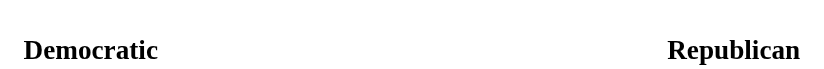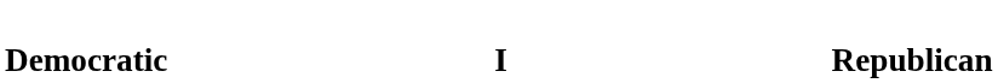 <table style="width:60%; text-align:center">
 <tr style="color:white">
 <td style="background:"><strong>202</strong></td>
+<td style="background:"><strong>1</strong></td>
 <td style="background:"><strong>232</strong></td>
 </tr>
 <tr>
 <td><span><strong>Democratic</strong></span></td>
+<td><span><strong>I</strong></span></td>
 <td><span><strong>Republican</strong></span></td>
 </tr>
 </table>
